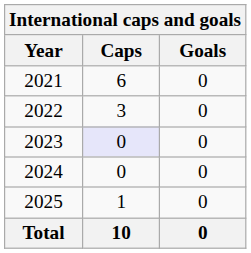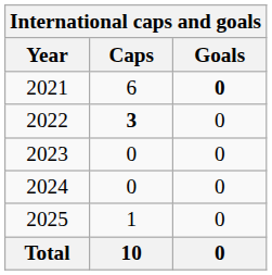 <table class="wikitable sortable" style="text-align:center">
 <tr>
 <th colspan="3">International caps and goals</th>
 </tr>
 <tr>
 <th>Year</th>
 <th>Caps</th>
 <th>Goals</th>
 </tr>
 <tr>
 <td>2021</td>
 <td>6</td>
-<td>0</td>
+<td><strong>0</strong></td>
 </tr>
 <tr>
 <td>2022</td>
-<td>3</td>
+<td><strong>3</strong></td>
 <td>0</td>
 </tr>
 <tr>
 <td>2023</td>
-<td style="background: lavender;">0</td>
+<td>0</td>
 <td>0</td>
 </tr>
 <tr>
 <td>2024</td>
 <td>0</td>
 <td>0</td>
 </tr>
 <tr>
 <td>2025</td>
 <td>1</td>
 <td>0</td>
 </tr>
 <tr>
 <th>Total</th>
 <th>10</th>
 <th>0</th>
 </tr>
 </table>
